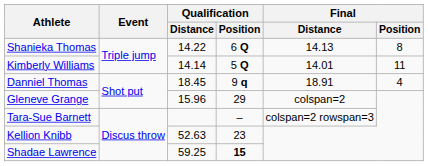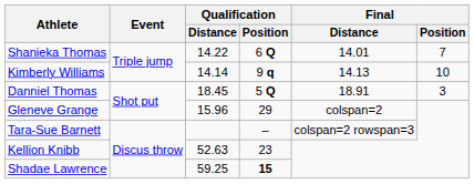 <table class=wikitable style=font-size:90%>
 <tr>
 <th rowspan=2>Athlete</th>
 <th rowspan=2>Event</th>
 <th colspan=2>Qualification</th>
 <th colspan=2>Final</th>
 </tr>
 <tr style=font-size:95%>
 <th>Distance</th>
 <th>Position</th>
 <th>Distance</th>
 <th>Position</th>
 </tr>
 <tr align=center>
 <td align=left><a href='#'>Shanieka Thomas</a></td>
 <td align=left rowspan=2><a href='#'>Triple jump</a></td>
 <td>14.22</td>
 <td>6 <strong>Q</strong></td>
-<td>14.13</td>
-<td>8</td>
+<td>14.01</td>
+<td>7</td>
 </tr>
 <tr align=center>
 <td align=left><a href='#'>Kimberly Williams</a></td>
 <td>14.14</td>
-<td>5 <strong>Q</strong></td>
-<td>14.01</td>
-<td>11</td>
+<td>9 <strong>q</strong></td>
+<td>14.13</td>
+<td>10</td>
 </tr>
 <tr align=center>
 <td align=left><a href='#'>Danniel Thomas</a></td>
 <td align=left rowspan=2><a href='#'>Shot put</a></td>
 <td>18.45</td>
-<td>9 <strong>q</strong></td>
+<td>5 <strong>Q</strong></td>
 <td>18.91</td>
-<td>4</td>
+<td>3</td>
 </tr>
 <tr align=center>
 <td align=left><a href='#'>Gleneve Grange</a></td>
 <td>15.96</td>
 <td>29</td>
 <td>colspan=2 </td>
 </tr>
 <tr align=center>
 <td align=left><a href='#'>Tara-Sue Barnett</a></td>
 <td align=left rowspan=3><a href='#'>Discus throw</a></td>
 <td></td>
 <td>–</td>
 <td>colspan=2 rowspan=3 </td>
 </tr>
 <tr align=center>
 <td align=left><a href='#'>Kellion Knibb</a></td>
 <td>52.63</td>
 <td>23</td>
 </tr>
 <tr align=center>
 <td align=left><a href='#'>Shadae Lawrence</a></td>
 <td>59.25</td>
 <td><strong>15</strong></td>
 </tr>
 </table>
